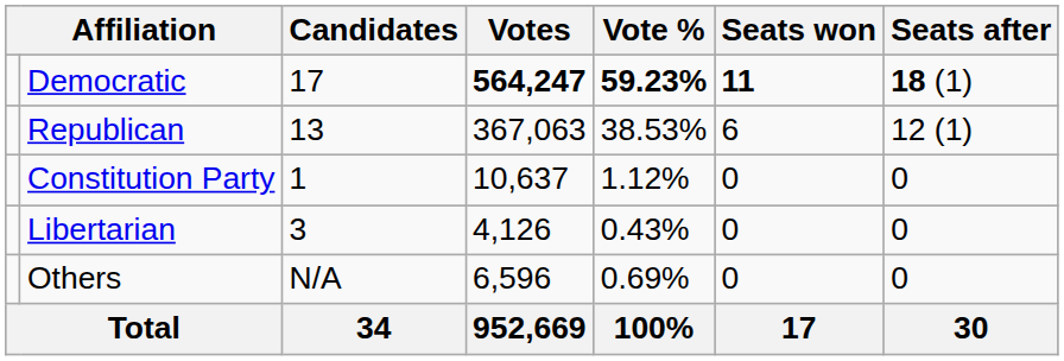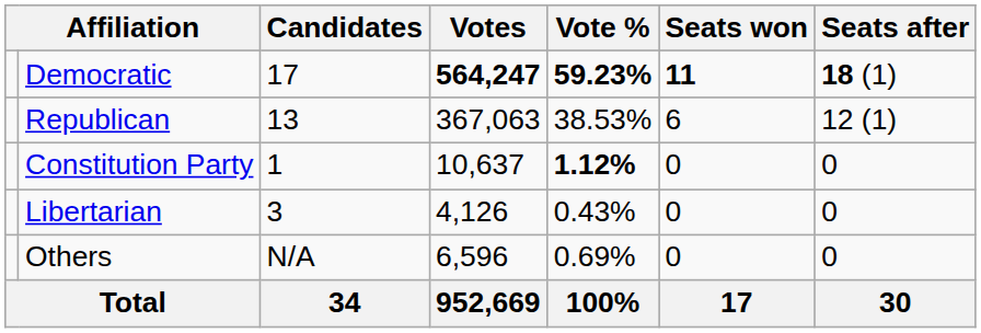 <table class="wikitable">
 <tr>
 <th colspan="2">Affiliation</th>
 <th>Candidates</th>
 <th>Votes</th>
 <th>Vote %</th>
 <th>Seats won</th>
 <th>Seats after</th>
 </tr>
 <tr>
 <td style="background-color:"></td>
 <td><a href='#'>Democratic</a></td>
 <td>17</td>
 <td><strong>564,247</strong></td>
 <td><strong>59.23%</strong></td>
 <td><strong>11</strong></td>
 <td><strong>18</strong> (1)</td>
 </tr>
 <tr>
 <td style="background-color:"></td>
 <td><a href='#'>Republican</a></td>
 <td>13</td>
 <td>367,063</td>
 <td>38.53%</td>
 <td>6</td>
 <td>12 (1)</td>
 </tr>
 <tr>
 <td style="background-color:"></td>
 <td><a href='#'>Constitution Party</a></td>
 <td>1</td>
 <td>10,637</td>
-<td>1.12%</td>
+<td><strong>1.12%</strong></td>
 <td>0</td>
 <td>0</td>
 </tr>
 <tr>
 <td style="background-color:"></td>
 <td><a href='#'>Libertarian</a></td>
 <td>3</td>
 <td>4,126</td>
 <td>0.43%</td>
 <td>0</td>
 <td>0</td>
 </tr>
 <tr>
 <td></td>
 <td>Others</td>
 <td>N/A</td>
 <td>6,596</td>
 <td>0.69%</td>
 <td>0</td>
 <td>0</td>
 </tr>
 <tr>
 <th colspan="2">Total</th>
 <th>34</th>
 <th>952,669</th>
 <th>100%</th>
 <th>17</th>
 <th>30</th>
 </tr>
 </table>
